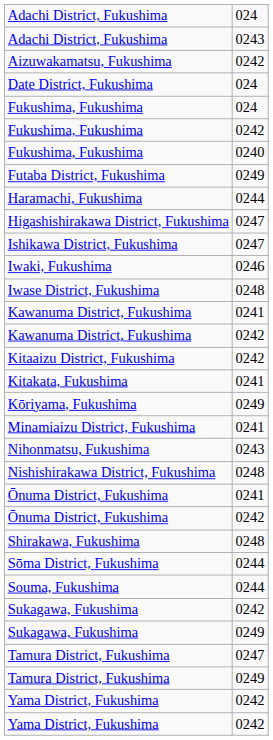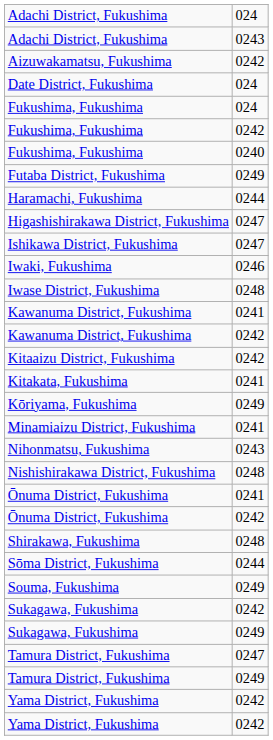 <table class="wikitable">
 <tr>
 <td><a href='#'>Adachi District, Fukushima</a></td>
 <td>024</td>
 </tr>
 <tr>
 <td><a href='#'>Adachi District, Fukushima</a></td>
 <td>0243</td>
 </tr>
 <tr>
 <td><a href='#'>Aizuwakamatsu, Fukushima</a></td>
 <td>0242</td>
 </tr>
 <tr>
 <td><a href='#'>Date District, Fukushima</a></td>
 <td>024</td>
 </tr>
 <tr>
 <td><a href='#'>Fukushima, Fukushima</a></td>
 <td>024</td>
 </tr>
 <tr>
 <td><a href='#'>Fukushima, Fukushima</a></td>
 <td>0242</td>
 </tr>
 <tr>
 <td><a href='#'>Fukushima, Fukushima</a></td>
 <td>0240</td>
 </tr>
 <tr>
 <td><a href='#'>Futaba District, Fukushima</a></td>
 <td>0249</td>
 </tr>
 <tr>
 <td><a href='#'>Haramachi, Fukushima</a></td>
 <td>0244</td>
 </tr>
 <tr>
 <td><a href='#'>Higashishirakawa District, Fukushima</a></td>
 <td>0247</td>
 </tr>
 <tr>
 <td><a href='#'>Ishikawa District, Fukushima</a></td>
 <td>0247</td>
 </tr>
 <tr>
 <td><a href='#'>Iwaki, Fukushima</a></td>
 <td>0246</td>
 </tr>
 <tr>
 <td><a href='#'>Iwase District, Fukushima</a></td>
 <td>0248</td>
 </tr>
 <tr>
 <td><a href='#'>Kawanuma District, Fukushima</a></td>
 <td>0241</td>
 </tr>
 <tr>
 <td><a href='#'>Kawanuma District, Fukushima</a></td>
 <td>0242</td>
 </tr>
 <tr>
 <td><a href='#'>Kitaaizu District, Fukushima</a></td>
 <td>0242</td>
 </tr>
 <tr>
 <td><a href='#'>Kitakata, Fukushima</a></td>
 <td>0241</td>
 </tr>
 <tr>
 <td><a href='#'>Kōriyama, Fukushima</a></td>
 <td>0249</td>
 </tr>
 <tr>
 <td><a href='#'>Minamiaizu District, Fukushima</a></td>
 <td>0241</td>
 </tr>
 <tr>
 <td><a href='#'>Nihonmatsu, Fukushima</a></td>
 <td>0243</td>
 </tr>
 <tr>
 <td><a href='#'>Nishishirakawa District, Fukushima</a></td>
 <td>0248</td>
 </tr>
 <tr>
 <td><a href='#'>Ōnuma District, Fukushima</a></td>
 <td>0241</td>
 </tr>
 <tr>
 <td><a href='#'>Ōnuma District, Fukushima</a></td>
 <td>0242</td>
 </tr>
 <tr>
 <td><a href='#'>Shirakawa, Fukushima</a></td>
 <td>0248</td>
 </tr>
 <tr>
 <td><a href='#'>Sōma District, Fukushima</a></td>
 <td>0244</td>
 </tr>
 <tr>
 <td><a href='#'>Souma, Fukushima</a></td>
-<td>0244</td>
+<td>0249</td>
 </tr>
 <tr>
 <td><a href='#'>Sukagawa, Fukushima</a></td>
 <td>0242</td>
 </tr>
 <tr>
 <td><a href='#'>Sukagawa, Fukushima</a></td>
 <td>0249</td>
 </tr>
 <tr>
 <td><a href='#'>Tamura District, Fukushima</a></td>
 <td>0247</td>
 </tr>
 <tr>
 <td><a href='#'>Tamura District, Fukushima</a></td>
 <td>0249</td>
 </tr>
 <tr>
 <td><a href='#'>Yama District, Fukushima</a></td>
 <td>0242</td>
 </tr>
 <tr>
 <td><a href='#'>Yama District, Fukushima</a></td>
 <td>0242</td>
 </tr>
 </table>
